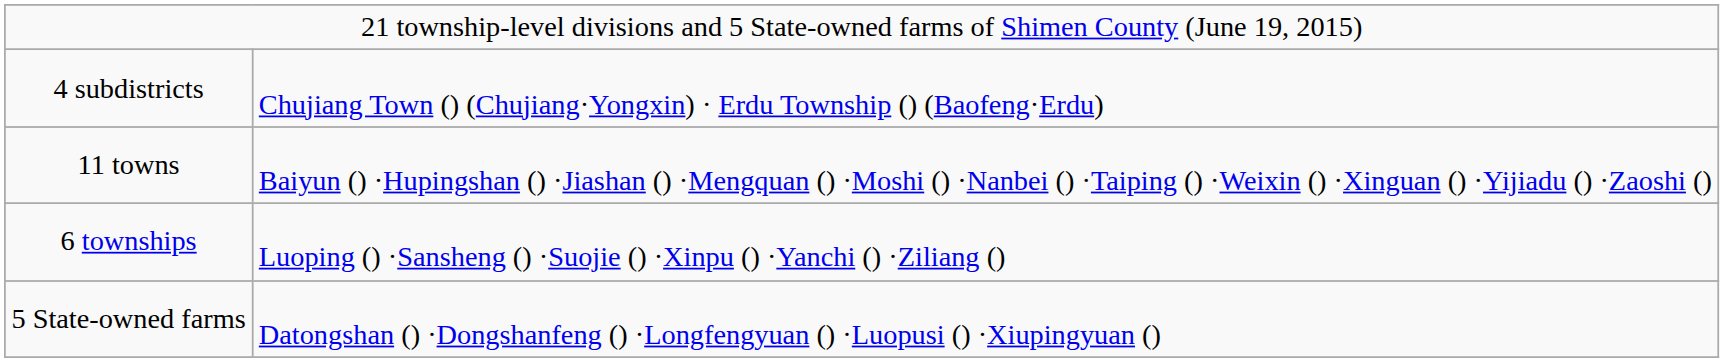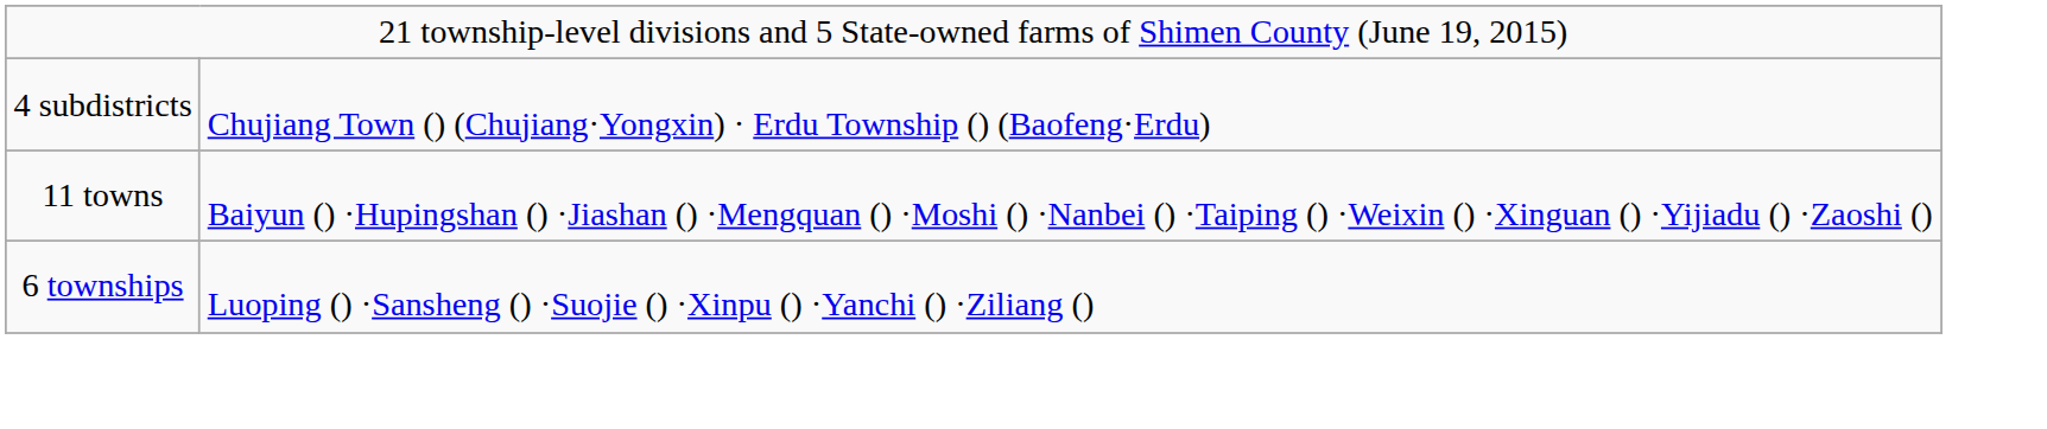 <table class="wikitable">
 <tr>
 <td style="text-align:center;" colspan="2">21 township-level divisions and 5 State-owned farms  of <a href='#'>Shimen County</a> (June 19, 2015)</td>
 </tr>
 <tr align=left>
 <td align=center>4 subdistricts</td>
 <td><br><a href='#'>Chujiang Town</a> () (<a href='#'>Chujiang</a>·<a href='#'>Yongxin</a>) · <a href='#'>Erdu Township</a> () (<a href='#'>Baofeng</a>·<a href='#'>Erdu</a>)</td>
 </tr>
 <tr align=left>
 <td align=center>11 towns</td>
 <td><br><a href='#'>Baiyun</a> () ·<a href='#'>Hupingshan</a> () ·<a href='#'>Jiashan</a> () ·<a href='#'>Mengquan</a> () ·<a href='#'>Moshi</a> () ·<a href='#'>Nanbei</a> () ·<a href='#'>Taiping</a> () ·<a href='#'>Weixin</a> () ·<a href='#'>Xinguan</a> () ·<a href='#'>Yijiadu</a> () ·<a href='#'>Zaoshi</a> ()</td>
 </tr>
 <tr align=left>
 <td align=center>6 <a href='#'>townships</a></td>
 <td><br><a href='#'>Luoping</a> () ·<a href='#'>Sansheng</a> () ·<a href='#'>Suojie</a> () ·<a href='#'>Xinpu</a> () ·<a href='#'>Yanchi</a> () ·<a href='#'>Ziliang</a> ()</td>
 </tr>
-<tr align=left>
-<td align=center>5 State-owned farms</td>
-<td><br><a href='#'>Datongshan</a> () ·<a href='#'>Dongshanfeng</a> () ·<a href='#'>Longfengyuan</a> () ·<a href='#'>Luopusi</a> () ·<a href='#'>Xiupingyuan</a> ()</td>
-</tr>
 </table>
